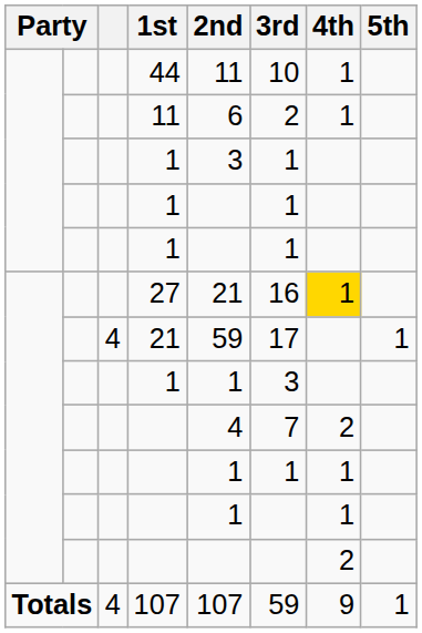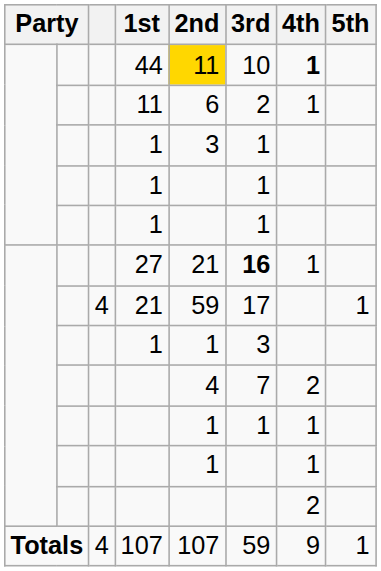 <table class="wikitable" style="text-align:right;">
 <tr>
 <th colspan="2">Party</th>
 <th></th>
 <th>1st</th>
 <th>2nd</th>
 <th>3rd</th>
 <th>4th</th>
 <th>5th</th>
 </tr>
 <tr>
 <td rowspan="5" > </td>
 <td style="text-align:left;"></td>
 <td></td>
 <td>44</td>
-<td>11</td>
+<td style="background: gold;">11</td>
 <td>10</td>
-<td>1</td>
+<td><strong>1</strong></td>
 <td></td>
 </tr>
 <tr>
 <td style="text-align:left;"></td>
 <td></td>
 <td>11</td>
 <td>6</td>
 <td>2</td>
 <td>1</td>
 <td></td>
 </tr>
 <tr>
 <td style="text-align:left;"></td>
 <td></td>
 <td>1</td>
 <td>3</td>
 <td>1</td>
 <td></td>
 <td></td>
 </tr>
 <tr>
 <td style="text-align:left;"></td>
 <td></td>
 <td>1</td>
 <td></td>
 <td>1</td>
 <td></td>
 <td></td>
 </tr>
 <tr>
 <td style="text-align:left;"></td>
 <td></td>
 <td>1</td>
 <td></td>
 <td>1</td>
 <td></td>
 <td></td>
 </tr>
 <tr>
 <td rowspan="7" > </td>
 <td style="text-align:left;"></td>
 <td></td>
 <td>27</td>
 <td>21</td>
-<td>16</td>
-<td style="background: gold;">1</td>
+<td><strong>16</strong></td>
+<td>1</td>
 <td></td>
 </tr>
 <tr>
 <td style="text-align:left;"></td>
 <td>4</td>
 <td>21</td>
 <td>59</td>
 <td>17</td>
 <td></td>
 <td>1</td>
 </tr>
 <tr>
 <td style="text-align:left;"></td>
 <td></td>
 <td>1</td>
 <td>1</td>
 <td>3</td>
 <td></td>
 <td></td>
 </tr>
 <tr>
 <td style="text-align:left;"></td>
 <td></td>
 <td></td>
 <td>4</td>
 <td>7</td>
 <td>2</td>
 <td></td>
 </tr>
 <tr>
 <td style="text-align:left;"></td>
 <td></td>
 <td></td>
 <td>1</td>
 <td>1</td>
 <td>1</td>
 <td></td>
 </tr>
 <tr>
 <td style="text-align:left;"></td>
 <td></td>
 <td></td>
 <td>1</td>
 <td></td>
 <td>1</td>
 <td></td>
 </tr>
 <tr>
 <td style="text-align:left;"></td>
 <td></td>
 <td></td>
 <td></td>
 <td></td>
 <td>2</td>
 <td></td>
 </tr>
 <tr>
 <td colspan="2" style="text-align:left;"><strong>Totals</strong></td>
 <td>4</td>
 <td>107</td>
 <td>107</td>
 <td>59</td>
 <td>9</td>
 <td>1</td>
 </tr>
 </table>
